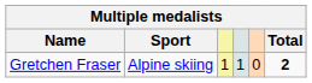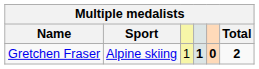 <table class=wikitable style=font-size:85%;float:right;text-align:center>
 <tr>
 <th colspan=6>Multiple medalists</th>
 </tr>
 <tr>
 <th>Name</th>
 <th>Sport</th>
 <td bgcolor=F7F6A8></td>
 <td bgcolor=DCE5E5></td>
 <td bgcolor=FFDAB9></td>
 <th>Total</th>
 </tr>
 <tr>
 <td><a href='#'>Gretchen Fraser</a></td>
 <td><a href='#'>Alpine skiing</a></td>
 <td bgcolor=F7F6A8>1</td>
-<td bgcolor=DCE5E5>1</td>
-<td bgcolor=FFDAB9>0</td>
+<td bgcolor=DCE5E5><strong>1</strong></td>
+<td bgcolor=FFDAB9><strong>0</strong></td>
 <td><strong>2</strong></td>
 </tr>
 </table>
